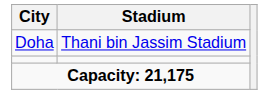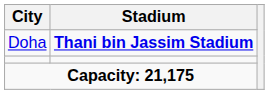 <table class="wikitable" style="margin:1em auto; text-align:center;">
 <tr>
 <th>City</th>
 <th>Stadium</th>
 <th rowspan="4"></th>
 </tr>
 <tr>
 <td><a href='#'>Doha</a></td>
-<td><a href='#'>Thani bin Jassim Stadium</a></td>
+<td><strong><a href='#'>Thani bin Jassim Stadium</a></strong></td>
 </tr>
 <tr>
 <td></td>
 <td></td>
 </tr>
 <tr>
 <td colspan="2"><strong>Capacity: 21,175</strong></td>
 </tr>
 </table>
